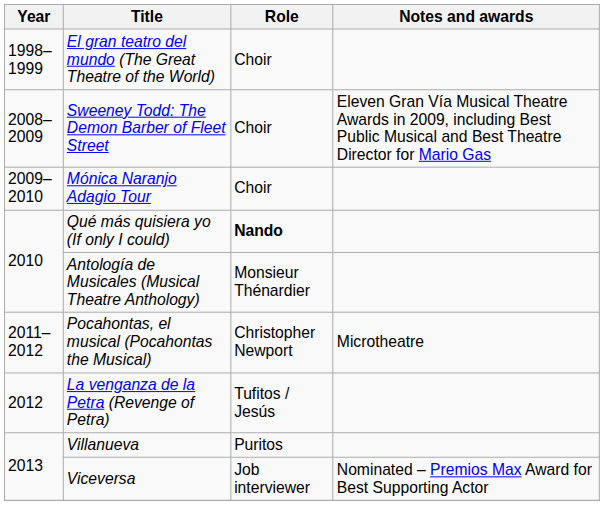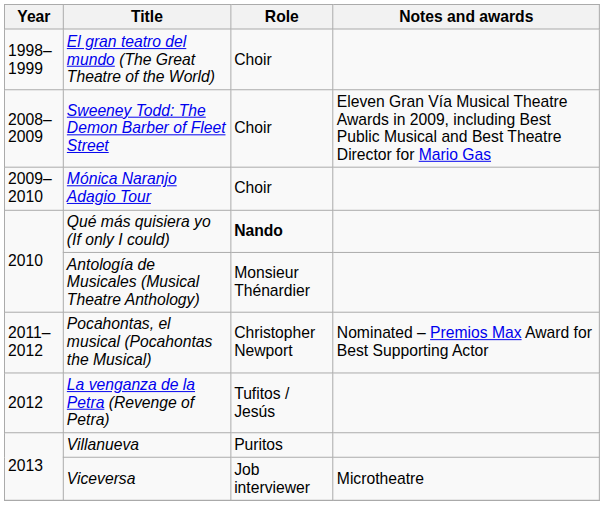 <table class="wikitable plainrowheaders sortable">
 <tr>
 <th scope="col">Year</th>
 <th scope="col">Title</th>
 <th scope="col">Role</th>
 <th scope="col" class="unsortable">Notes and awards</th>
 </tr>
 <tr>
 <td rowspan="1">1998–1999</td>
 <td><em><a href='#'>El gran teatro del mundo</a> (The Great Theatre of the World)</em></td>
 <td>Choir</td>
 <td></td>
 </tr>
 <tr>
 <td rowspan="1">2008–2009</td>
 <td><em><a href='#'>Sweeney Todd: The Demon Barber of Fleet Street</a></em></td>
 <td>Choir</td>
 <td>Eleven Gran Vía Musical Theatre Awards in 2009, including Best Public Musical and Best Theatre Director for <a href='#'>Mario Gas</a></td>
 </tr>
 <tr>
 <td rowspan="1">2009–2010</td>
 <td><em><a href='#'>Mónica Naranjo</a> <a href='#'>Adagio Tour</a></em></td>
 <td>Choir</td>
 <td></td>
 </tr>
 <tr>
 <td rowspan="2">2010</td>
 <td><em>Qué más quisiera yo (If only I could)</em></td>
 <td><strong>Nando</strong></td>
 <td></td>
 </tr>
 <tr>
 <td><em>Antología de Musicales (Musical Theatre Anthology)</em></td>
 <td>Monsieur Thénardier</td>
 <td></td>
 </tr>
 <tr>
 <td rowspan="1">2011–2012</td>
 <td><em>Pocahontas, el musical (Pocahontas the Musical)</em></td>
 <td>Christopher Newport</td>
-<td>Microtheatre</td>
+<td>Nominated – <a href='#'>Premios Max</a> Award for Best Supporting Actor</td>
 </tr>
 <tr>
 <td rowspan="1">2012</td>
 <td><em><a href='#'>La venganza de la Petra</a> (Revenge of Petra)</em></td>
 <td>Tufitos / Jesús</td>
 <td></td>
 </tr>
 <tr>
 <td rowspan="2">2013</td>
 <td><em>Villanueva</em></td>
 <td>Puritos</td>
 <td></td>
 </tr>
 <tr>
 <td><em>Viceversa</em></td>
 <td>Job interviewer</td>
-<td>Nominated – <a href='#'>Premios Max</a> Award for Best Supporting Actor</td>
+<td>Microtheatre</td>
 </tr>
 <tr>
 </tr>
 </table>
